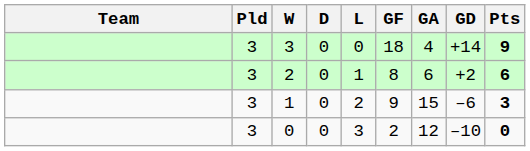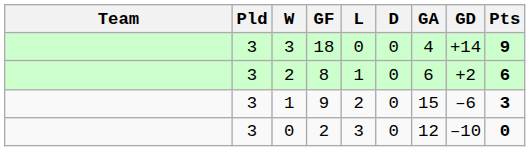 <table class="wikitable" style="text-align:center;">
 <tr>
 <th width=165>Team</th>
 <th width=20>Pld</th>
 <th width=20>W</th>
+<th width=20>GF</th>
+<th width=20>L</th>
 <th width=20>D</th>
-<th width=20>L</th>
-<th width=20>GF</th>
 <th width=20>GA</th>
 <th width=20>GD</th>
 <th width=20>Pts</th>
 </tr>
 <tr style="background:#cfc;">
 <td style="text-align:left;"></td>
 <td>3</td>
 <td>3</td>
+<td>18</td>
 <td>0</td>
 <td>0</td>
-<td>18</td>
 <td>4</td>
 <td>+14</td>
 <td><strong>9</strong></td>
 </tr>
 <tr style="background:#cfc;">
 <td style="text-align:left;"></td>
 <td>3</td>
 <td>2</td>
+<td>8</td>
+<td>1</td>
 <td>0</td>
-<td>1</td>
-<td>8</td>
 <td>6</td>
 <td>+2</td>
 <td><strong>6</strong></td>
 </tr>
 <tr>
 <td style="text-align:left;"></td>
 <td>3</td>
 <td>1</td>
+<td>9</td>
+<td>2</td>
 <td>0</td>
-<td>2</td>
-<td>9</td>
 <td>15</td>
 <td>–6</td>
 <td><strong>3</strong></td>
 </tr>
 <tr>
 <td style="text-align:left;"></td>
 <td>3</td>
 <td>0</td>
+<td>2</td>
+<td>3</td>
 <td>0</td>
-<td>3</td>
-<td>2</td>
 <td>12</td>
 <td>–10</td>
 <td><strong>0</strong></td>
 </tr>
 </table>
